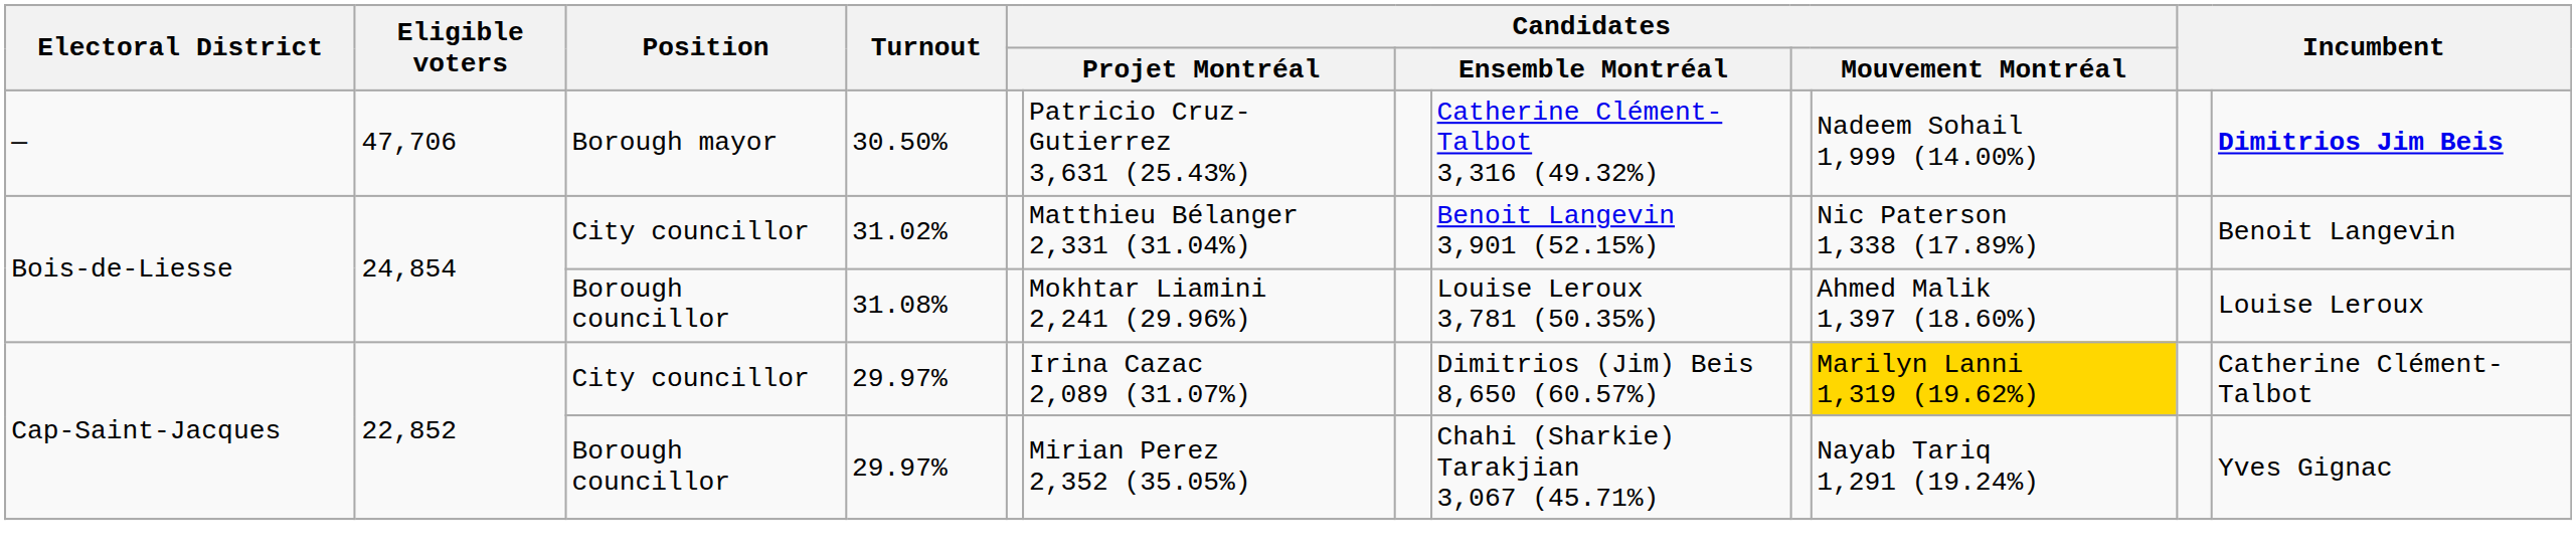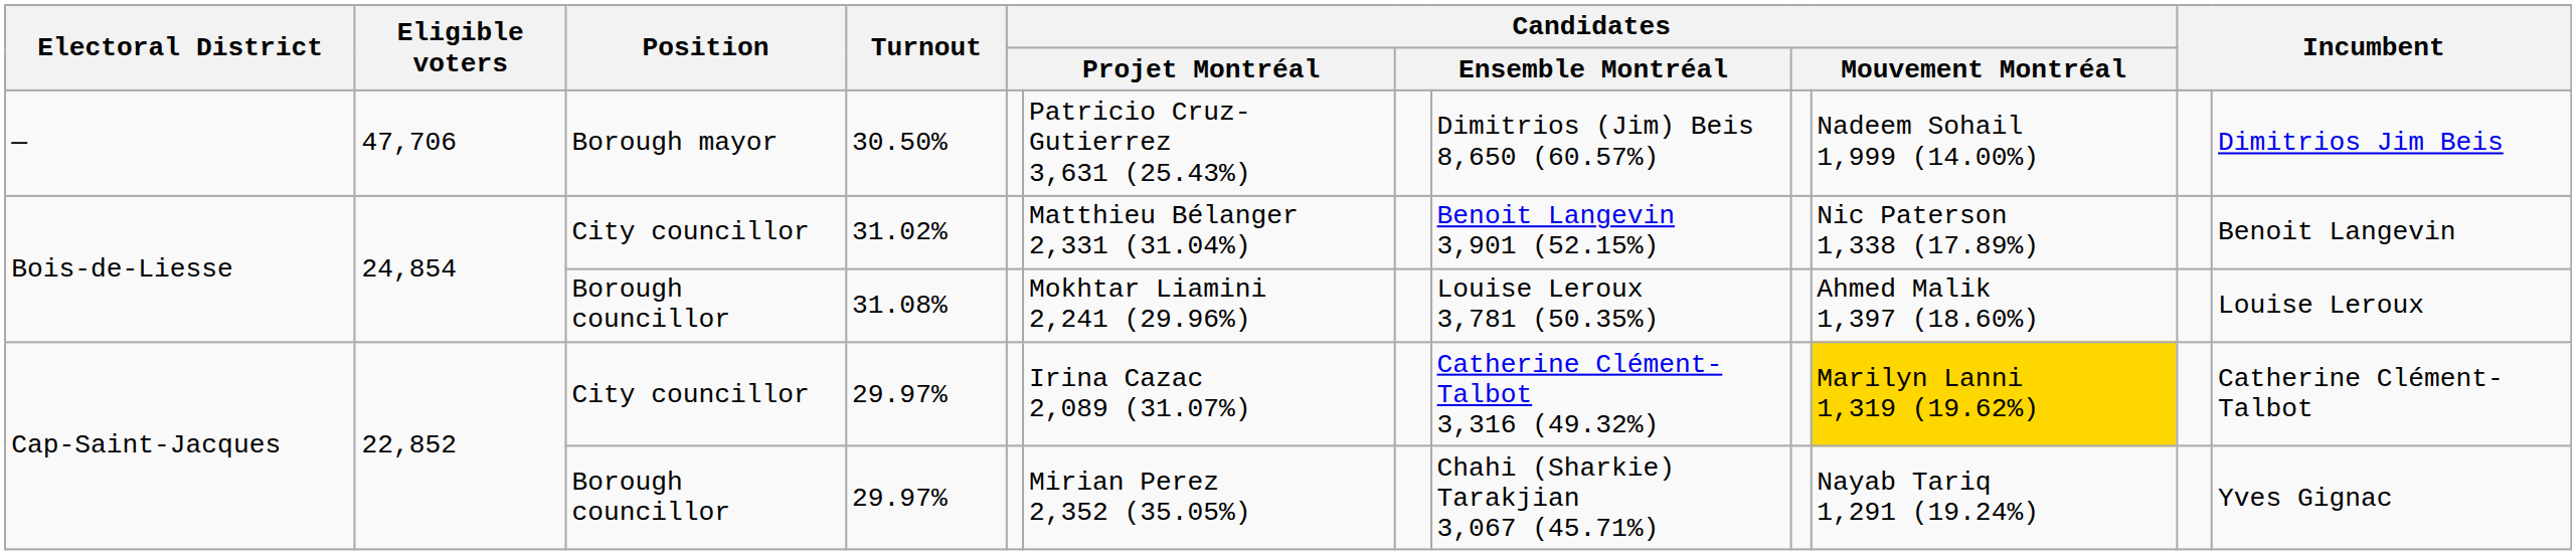 <table class="wikitable" width="100%">
 <tr>
 <th width=10% rowspan=2>Electoral District</th>
 <th width=6% rowspan=2>Eligible voters</th>
 <th width=8% rowspan=2>Position</th>
 <th width=4% rowspan=2>Turnout</th>
 <th colspan=6>Candidates</th>
 <th width=11% colspan=2 rowspan=2>Incumbent</th>
 </tr>
 <tr>
 <th width=11% colspan=2 ><span>Projet Montréal</span></th>
 <th width=11% colspan=2 ><span>Ensemble Montréal</span></th>
 <th width=11% colspan=2 ><span>Mouvement Montréal</span></th>
 </tr>
 <tr>
 <td>—</td>
 <td>47,706</td>
 <td>Borough mayor</td>
 <td>30.50%</td>
 <td></td>
 <td>Patricio Cruz-Gutierrez <br> 3,631 (25.43%)</td>
 <td> </td>
-<td><a href='#'>Catherine Clément-Talbot</a> <br> 3,316 (49.32%)</td>
+<td>Dimitrios (Jim) Beis <br> 8,650 (60.57%)</td>
 <td></td>
 <td>Nadeem Sohail <br> 1,999 (14.00%)</td>
 <td> </td>
-<td><strong><a href='#'>Dimitrios Jim Beis</a></strong></td>
+<td><a href='#'>Dimitrios Jim Beis</a></td>
 </tr>
 <tr>
 <td rowspan=2>Bois-de-Liesse</td>
 <td rowspan=2>24,854</td>
 <td>City councillor</td>
 <td>31.02%</td>
 <td></td>
 <td>Matthieu Bélanger <br> 2,331 (31.04%)</td>
 <td> </td>
 <td><a href='#'>Benoit Langevin</a> <br> 3,901 (52.15%)</td>
 <td></td>
 <td>Nic Paterson <br> 1,338 (17.89%)</td>
 <td> </td>
 <td>Benoit Langevin</td>
 </tr>
 <tr>
 <td>Borough councillor</td>
 <td>31.08%</td>
 <td></td>
 <td>Mokhtar Liamini <br> 2,241 (29.96%)</td>
 <td> </td>
 <td>Louise Leroux <br> 3,781 (50.35%)</td>
 <td></td>
 <td>Ahmed Malik <br> 1,397 (18.60%)</td>
 <td> </td>
 <td>Louise Leroux</td>
 </tr>
 <tr>
 <td rowspan=2>Cap-Saint-Jacques</td>
 <td rowspan=2>22,852</td>
 <td>City councillor</td>
 <td>29.97%</td>
 <td></td>
 <td>Irina Cazac <br> 2,089 (31.07%)</td>
 <td> </td>
-<td>Dimitrios (Jim) Beis <br> 8,650 (60.57%)</td>
+<td><a href='#'>Catherine Clément-Talbot</a> <br> 3,316 (49.32%)</td>
 <td></td>
 <td style="background: gold;">Marilyn Lanni <br> 1,319 (19.62%)</td>
 <td> </td>
 <td>Catherine Clément-Talbot</td>
 </tr>
 <tr>
 <td>Borough councillor</td>
 <td>29.97%</td>
 <td></td>
 <td>Mirian Perez <br> 2,352 (35.05%)</td>
 <td> </td>
 <td>Chahi (Sharkie) Tarakjian <br> 3,067 (45.71%)</td>
 <td></td>
 <td>Nayab Tariq <br> 1,291 (19.24%)</td>
 <td> </td>
 <td>Yves Gignac</td>
 </tr>
 </table>
